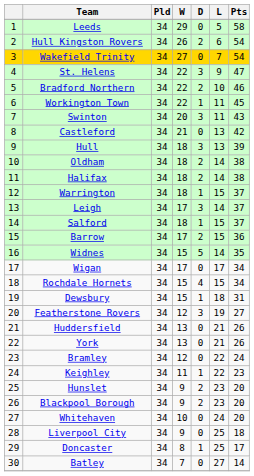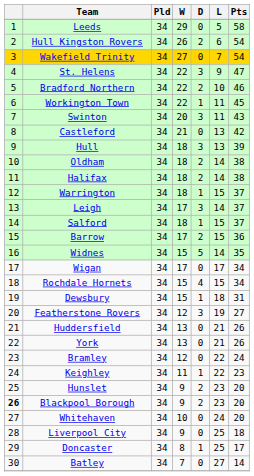 <table class="wikitable" style="text-align:center;">
 <tr>
 <th width=20 abbr="Position"></th>
 <th width=175>Team</th>
 <th width=20 abbr="Played">Pld</th>
 <th width=20 abbr="Won">W</th>
 <th width=20 abbr="Drawn">D</th>
 <th width=20 abbr="Lost">L</th>
 <th width=20 abbr="Points">Pts</th>
 </tr>
 <tr>
 </tr>
 <tr align=center style="background:#ccffcc;color:">
 <td>1</td>
 <td><a href='#'>Leeds</a></td>
 <td>34</td>
 <td>29</td>
 <td>0</td>
 <td>5</td>
 <td>58</td>
 </tr>
 <tr align=center style="background:#ccffcc;color:">
 <td>2</td>
 <td><a href='#'>Hull Kingston Rovers</a></td>
 <td>34</td>
 <td>26</td>
 <td>2</td>
 <td>6</td>
 <td>54</td>
 </tr>
 <tr align=center style="background:#FFD700;">
 <td>3</td>
 <td><a href='#'>Wakefield Trinity</a></td>
 <td>34</td>
 <td>27</td>
 <td>0</td>
 <td>7</td>
 <td>54</td>
 </tr>
 <tr align=center style="background:#ccffcc;color:">
 <td>4</td>
 <td><a href='#'>St. Helens</a></td>
 <td>34</td>
 <td>22</td>
 <td>3</td>
 <td>9</td>
 <td>47</td>
 </tr>
 <tr align=center style="background:#ccffcc;color:">
 <td>5</td>
 <td><a href='#'>Bradford Northern</a></td>
 <td>34</td>
 <td>22</td>
 <td>2</td>
 <td>10</td>
 <td>46</td>
 </tr>
 <tr align=center style="background:#ccffcc;color:">
 <td>6</td>
 <td><a href='#'>Workington Town</a></td>
 <td>34</td>
 <td>22</td>
 <td>1</td>
 <td>11</td>
 <td>45</td>
 </tr>
 <tr align=center style="background:#ccffcc;color:">
 <td>7</td>
 <td><a href='#'>Swinton</a></td>
 <td>34</td>
 <td>20</td>
 <td>3</td>
 <td>11</td>
 <td>43</td>
 </tr>
 <tr align=center style="background:#ccffcc;color:">
 <td>8</td>
 <td><a href='#'>Castleford</a></td>
 <td>34</td>
 <td>21</td>
 <td>0</td>
 <td>13</td>
 <td>42</td>
 </tr>
 <tr align=center style="background:#ccffcc;color:">
 <td>9</td>
 <td><a href='#'>Hull</a></td>
 <td>34</td>
 <td>18</td>
 <td>3</td>
 <td>13</td>
 <td>39</td>
 </tr>
 <tr align=center style="background:#ccffcc;color:">
 <td>10</td>
 <td><a href='#'>Oldham</a></td>
 <td>34</td>
 <td>18</td>
 <td>2</td>
 <td>14</td>
 <td>38</td>
 </tr>
 <tr align=center style="background:#ccffcc;color:">
 <td>11</td>
 <td><a href='#'>Halifax</a></td>
 <td>34</td>
 <td>18</td>
 <td>2</td>
 <td>14</td>
 <td>38</td>
 </tr>
 <tr align=center style="background:#ccffcc;color:">
 <td>12</td>
 <td><a href='#'>Warrington</a></td>
 <td>34</td>
 <td>18</td>
 <td>1</td>
 <td>15</td>
 <td>37</td>
 </tr>
 <tr align=center style="background:#ccffcc;color:">
 <td>13</td>
 <td><a href='#'>Leigh</a></td>
 <td>34</td>
 <td>17</td>
 <td>3</td>
 <td>14</td>
 <td>37</td>
 </tr>
 <tr align=center style="background:#ccffcc;color:">
 <td>14</td>
 <td><a href='#'>Salford</a></td>
 <td>34</td>
 <td>18</td>
 <td>1</td>
 <td>15</td>
 <td>37</td>
 </tr>
 <tr align=center style="background:#ccffcc;color:">
 <td>15</td>
 <td><a href='#'>Barrow</a></td>
 <td>34</td>
 <td>17</td>
 <td>2</td>
 <td>15</td>
 <td>36</td>
 </tr>
 <tr align=center style="background:#ccffcc;color:">
 <td>16</td>
 <td><a href='#'>Widnes</a></td>
 <td>34</td>
 <td>15</td>
 <td>5</td>
 <td>14</td>
 <td>35</td>
 </tr>
 <tr align=center style="background:">
 <td>17</td>
 <td><a href='#'>Wigan</a></td>
 <td>34</td>
 <td>17</td>
 <td>0</td>
 <td>17</td>
 <td>34</td>
 </tr>
 <tr align=center style="background:">
 <td>18</td>
 <td><a href='#'>Rochdale Hornets</a></td>
 <td>34</td>
 <td>15</td>
 <td>4</td>
 <td>15</td>
 <td>34</td>
 </tr>
 <tr align=center style="background:">
 <td>19</td>
 <td><a href='#'>Dewsbury</a></td>
 <td>34</td>
 <td>15</td>
 <td>1</td>
 <td>18</td>
 <td>31</td>
 </tr>
 <tr align=center style="background:">
 <td>20</td>
 <td><a href='#'>Featherstone Rovers</a></td>
 <td>34</td>
 <td>12</td>
 <td>3</td>
 <td>19</td>
 <td>27</td>
 </tr>
 <tr align=center style="background:">
 <td>21</td>
 <td><a href='#'>Huddersfield</a></td>
 <td>34</td>
 <td>13</td>
 <td>0</td>
 <td>21</td>
 <td>26</td>
 </tr>
 <tr align=center style="background:">
 <td>22</td>
 <td><a href='#'>York</a></td>
 <td>34</td>
 <td>13</td>
 <td>0</td>
 <td>21</td>
 <td>26</td>
 </tr>
 <tr align=center style="background:">
 <td>23</td>
 <td><a href='#'>Bramley</a></td>
 <td>34</td>
 <td>12</td>
 <td>0</td>
 <td>22</td>
 <td>24</td>
 </tr>
 <tr align=center style="background:">
 <td>24</td>
 <td><a href='#'>Keighley</a></td>
 <td>34</td>
 <td>11</td>
 <td>1</td>
 <td>22</td>
 <td>23</td>
 </tr>
 <tr align=center style="background:">
 <td>25</td>
 <td><a href='#'>Hunslet</a></td>
 <td>34</td>
 <td>9</td>
 <td>2</td>
 <td>23</td>
 <td>20</td>
 </tr>
 <tr align=center style="background:">
-<td>26</td>
+<td><strong>26</strong></td>
 <td><a href='#'>Blackpool Borough</a></td>
 <td>34</td>
 <td>9</td>
 <td>2</td>
 <td>23</td>
 <td>20</td>
 </tr>
 <tr align=center style="background:">
 <td>27</td>
 <td><a href='#'>Whitehaven</a></td>
 <td>34</td>
 <td>10</td>
 <td>0</td>
 <td>24</td>
 <td>20</td>
 </tr>
 <tr align=center style="background:">
 <td>28</td>
 <td><a href='#'>Liverpool City</a></td>
 <td>34</td>
 <td>9</td>
 <td>0</td>
 <td>25</td>
 <td>18</td>
 </tr>
 <tr align=center style="background:">
 <td>29</td>
 <td><a href='#'>Doncaster</a></td>
 <td>34</td>
 <td>8</td>
 <td>1</td>
 <td>25</td>
 <td>17</td>
 </tr>
 <tr align=center style="background:">
 <td>30</td>
 <td><a href='#'>Batley</a></td>
 <td>34</td>
 <td>7</td>
 <td>0</td>
 <td>27</td>
 <td>14</td>
 </tr>
 <tr>
 </tr>
 </table>
